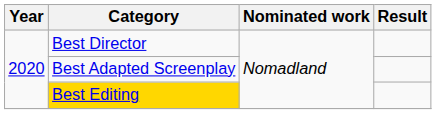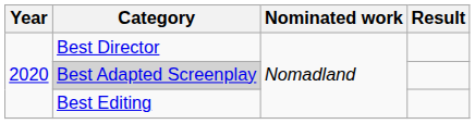 <table class="wikitable">
 <tr>
 <th>Year</th>
 <th>Category</th>
 <th>Nominated work</th>
 <th>Result</th>
 </tr>
 <tr>
 <td rowspan="3"><a href='#'>2020</a></td>
 <td><a href='#'>Best Director</a></td>
 <td rowspan=3><em>Nomadland</em></td>
 <td></td>
 </tr>
 <tr>
-<td><a href='#'>Best Adapted Screenplay</a></td>
+<td style="background: lightgrey;"><a href='#'>Best Adapted Screenplay</a></td>
 <td></td>
 </tr>
 <tr>
-<td style="background: gold;"><a href='#'>Best Editing</a></td>
+<td><a href='#'>Best Editing</a></td>
 <td></td>
 </tr>
 <tr>
 </tr>
 </table>
